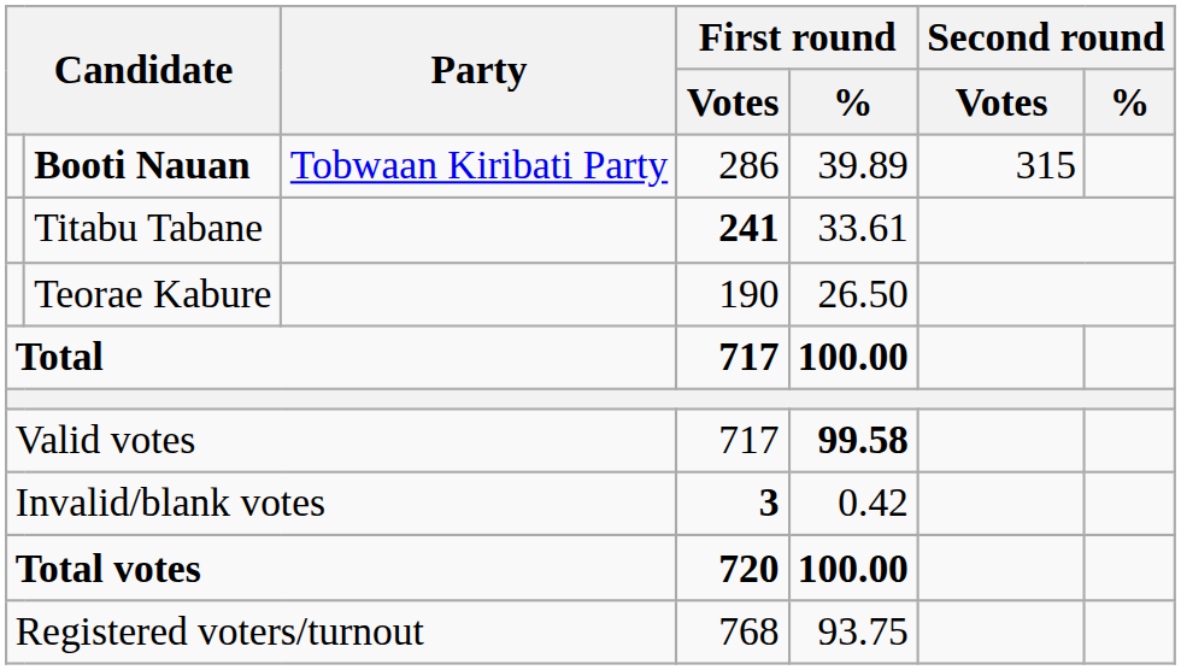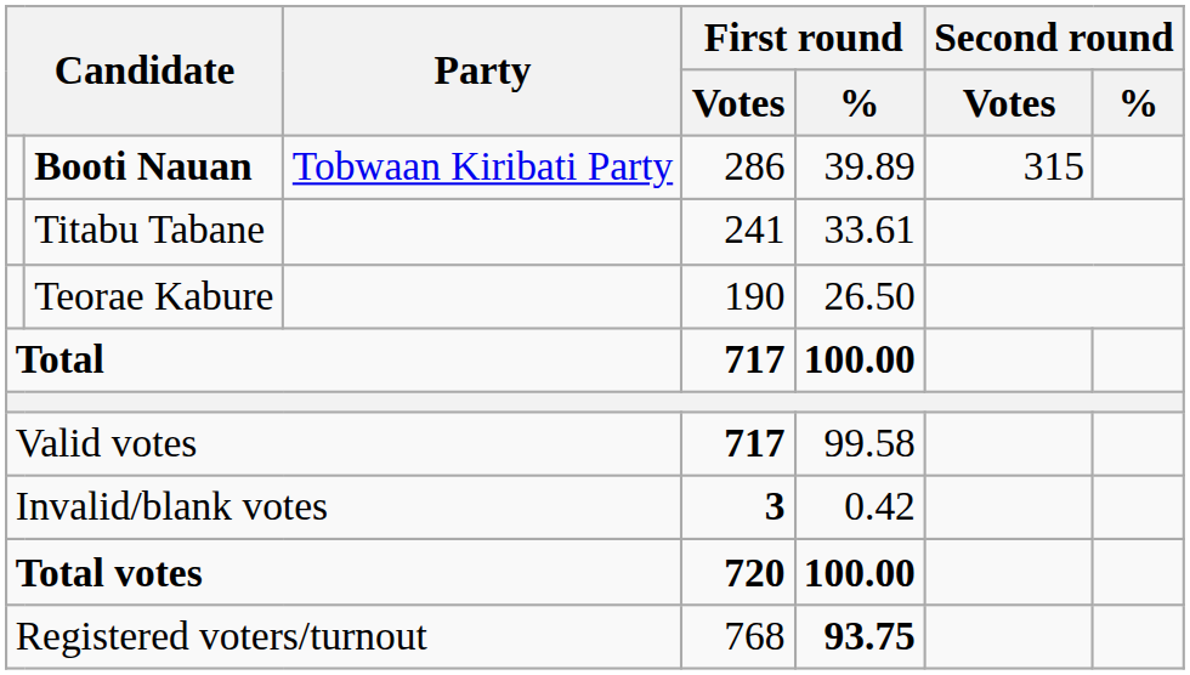 <table class=wikitable style=text-align:right>
 <tr>
 <th colspan=2 rowspan=2>Candidate</th>
 <th rowspan=2>Party</th>
 <th colspan=2>First round</th>
 <th colspan=2>Second round</th>
 </tr>
 <tr>
 <th>Votes</th>
 <th>%</th>
 <th>Votes</th>
 <th>%</th>
 </tr>
 <tr>
 <td bgcolor=></td>
 <td align=left><strong>Booti Nauan</strong></td>
 <td align=left><a href='#'>Tobwaan Kiribati Party</a></td>
 <td>286</td>
 <td>39.89</td>
 <td>315</td>
 <td></td>
 </tr>
 <tr>
 <td></td>
 <td align=left>Titabu Tabane</td>
 <td></td>
-<td><strong>241</strong></td>
+<td>241</td>
 <td>33.61</td>
 <td align=center colspan=2></td>
 </tr>
 <tr>
 <td></td>
 <td align=left>Teorae Kabure</td>
 <td></td>
 <td>190</td>
 <td>26.50</td>
 <td align=center colspan=2></td>
 </tr>
 <tr style="font-weight:bold">
 <td colspan=3 align=left>Total</td>
 <td>717</td>
 <td>100.00</td>
 <td></td>
 <td></td>
 </tr>
 <tr>
 <th colspan=7></th>
 </tr>
 <tr>
 <td colspan=3 align=left>Valid votes</td>
-<td>717</td>
-<td><strong>99.58</strong></td>
+<td><strong>717</strong></td>
+<td>99.58</td>
 <td></td>
 <td></td>
 </tr>
 <tr>
 <td colspan=3 align=left>Invalid/blank votes</td>
 <td><strong>3</strong></td>
 <td>0.42</td>
 <td></td>
 <td></td>
 </tr>
 <tr style="font-weight:bold">
 <td colspan=3 align=left>Total votes</td>
 <td>720</td>
 <td>100.00</td>
 <td></td>
 <td></td>
 </tr>
 <tr>
 <td colspan=3 align=left>Registered voters/turnout</td>
 <td>768</td>
-<td>93.75</td>
+<td><strong>93.75</strong></td>
 <td></td>
 <td></td>
 </tr>
 </table>
